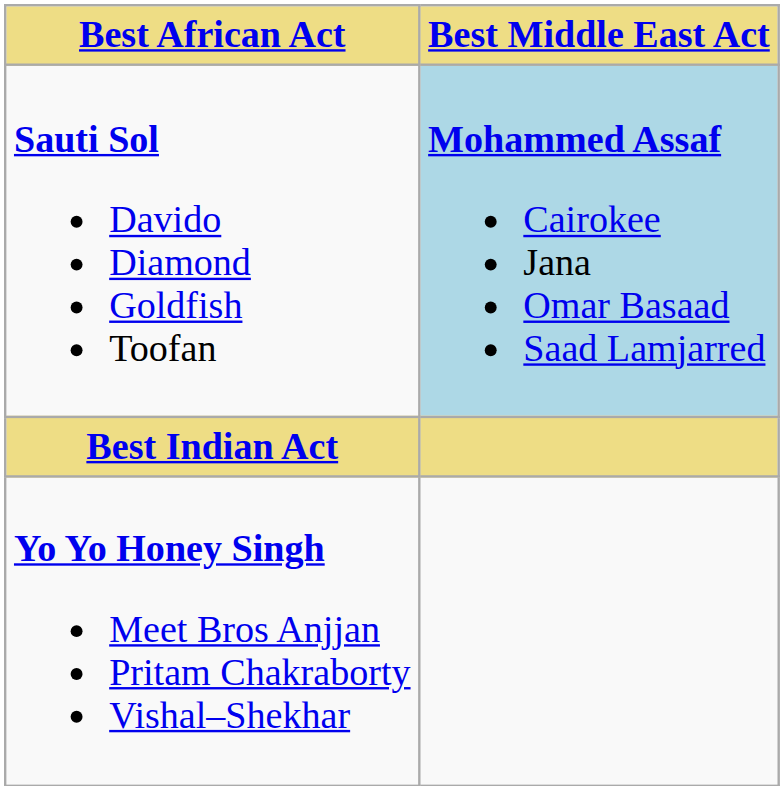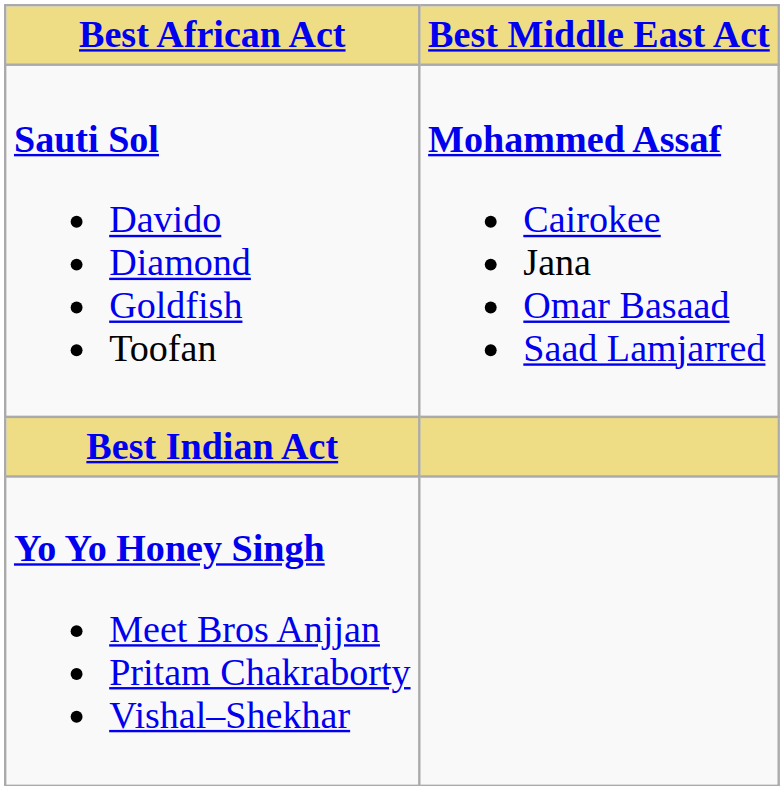 <table class=wikitable style="width=100%">
 <tr>
 <th style="background:#EEDD85; width=50%"><a href='#'>Best African Act</a></th>
 <th style="background:#EEDD85; width=50%"><a href='#'>Best Middle East Act</a></th>
 </tr>
 <tr>
 <td valign="top"><br><strong><a href='#'>Sauti Sol</a></strong><ul><li><a href='#'>Davido</a></li><li><a href='#'>Diamond</a></li><li><a href='#'>Goldfish</a></li><li>Toofan</li></ul></td>
-<td valign="top" style="background: lightblue;"><br><strong><a href='#'>Mohammed Assaf</a></strong><ul><li><a href='#'>Cairokee</a></li><li>Jana</li><li><a href='#'>Omar Basaad</a></li><li><a href='#'>Saad Lamjarred</a></li></ul></td>
+<td valign="top"><br><strong><a href='#'>Mohammed Assaf</a></strong><ul><li><a href='#'>Cairokee</a></li><li>Jana</li><li><a href='#'>Omar Basaad</a></li><li><a href='#'>Saad Lamjarred</a></li></ul></td>
 </tr>
 <tr>
 <th style="background:#EEDD85; width=50%"><a href='#'>Best Indian Act</a></th>
 <th style="background:#EEDD85; width=50%"></th>
 </tr>
 <tr>
 <td valign="top"><br><strong><a href='#'>Yo Yo Honey Singh</a></strong><ul><li><a href='#'>Meet Bros Anjjan</a></li><li><a href='#'>Pritam Chakraborty</a></li><li><a href='#'>Vishal–Shekhar</a></li></ul></td>
 <td valign="top"></td>
 </tr>
 </table>
